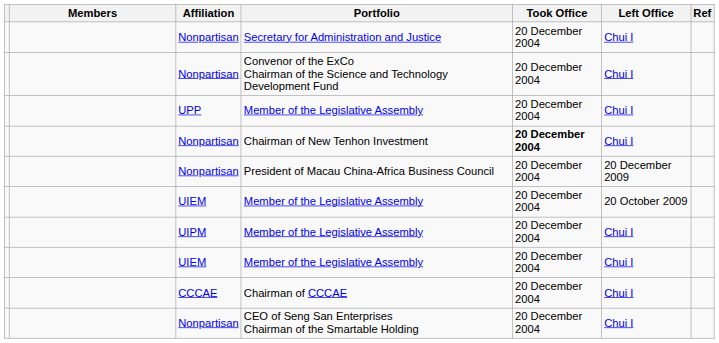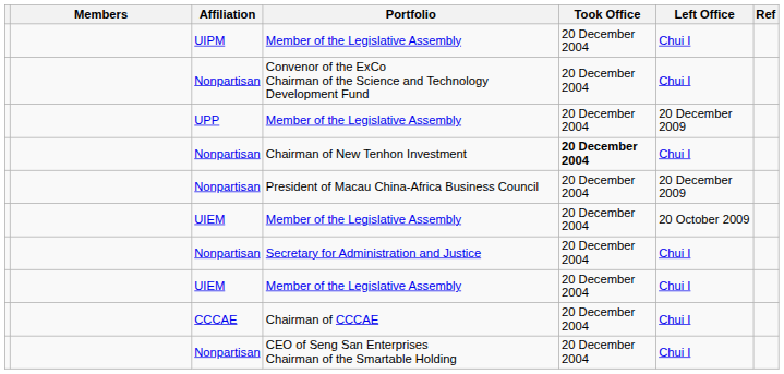 <table class="wikitable">
 <tr>
 <th class="unsortable"></th>
 <th width="230px">Members</th>
 <th width="50px">Affiliation</th>
 <th width="380px">Portfolio</th>
 <th width="120px">Took Office</th>
 <th width="120px">Left Office</th>
 <th>Ref</th>
 </tr>
 <tr>
 <td></td>
 <td><strong></strong></td>
-<td><a href='#'>Nonpartisan</a></td>
-<td><a href='#'>Secretary for Administration and Justice</a></td>
+<td><a href='#'>UIPM</a></td>
+<td><a href='#'>Member of the Legislative Assembly</a></td>
 <td>20 December 2004</td>
 <td><a href='#'>Chui I</a></td>
 <td></td>
 </tr>
 <tr>
 <td></td>
 <td><strong></strong></td>
 <td><a href='#'>Nonpartisan</a></td>
 <td>Convenor of the ExCo<br>Chairman of the Science and Technology Development Fund</td>
 <td>20 December 2004</td>
 <td><a href='#'>Chui I</a></td>
 <td></td>
 </tr>
 <tr>
 <td></td>
 <td><strong></strong></td>
 <td><a href='#'>UPP</a></td>
 <td><a href='#'>Member of the Legislative Assembly</a></td>
 <td>20 December 2004</td>
-<td><a href='#'>Chui I</a></td>
+<td>20 December 2009</td>
 <td></td>
 </tr>
 <tr>
 <td></td>
 <td><strong></strong></td>
 <td><a href='#'>Nonpartisan</a></td>
 <td>Chairman of New Tenhon Investment</td>
 <td><strong>20 December 2004</strong></td>
 <td><a href='#'>Chui I</a></td>
 <td></td>
 </tr>
 <tr>
 <td></td>
 <td><strong></strong></td>
 <td><a href='#'>Nonpartisan</a></td>
 <td>President of Macau China-Africa Business Council</td>
 <td>20 December 2004</td>
 <td>20 December 2009</td>
 <td></td>
 </tr>
 <tr>
 <td></td>
 <td><strong></strong></td>
 <td><a href='#'>UIEM</a></td>
 <td><a href='#'>Member of the Legislative Assembly</a></td>
 <td>20 December 2004</td>
 <td>20 October 2009</td>
 <td></td>
 </tr>
 <tr>
 <td></td>
 <td><strong></strong></td>
-<td><a href='#'>UIPM</a></td>
-<td><a href='#'>Member of the Legislative Assembly</a></td>
+<td><a href='#'>Nonpartisan</a></td>
+<td><a href='#'>Secretary for Administration and Justice</a></td>
 <td>20 December 2004</td>
 <td><a href='#'>Chui I</a></td>
 <td></td>
 </tr>
 <tr>
 <td></td>
 <td><strong></strong></td>
 <td><a href='#'>UIEM</a></td>
 <td><a href='#'>Member of the Legislative Assembly</a></td>
 <td>20 December 2004</td>
 <td><a href='#'>Chui I</a></td>
 <td></td>
 </tr>
 <tr>
 <td></td>
 <td><strong></strong></td>
 <td><a href='#'>CCCAE</a></td>
 <td>Chairman of <a href='#'>CCCAE</a></td>
 <td>20 December 2004</td>
 <td><a href='#'>Chui I</a></td>
 <td></td>
 </tr>
 <tr>
 <td></td>
 <td><strong></strong></td>
 <td><a href='#'>Nonpartisan</a></td>
 <td>CEO of Seng San Enterprises<br>Chairman of the Smartable Holding</td>
 <td>20 December 2004</td>
 <td><a href='#'>Chui I</a></td>
 <td></td>
 </tr>
 </table>
